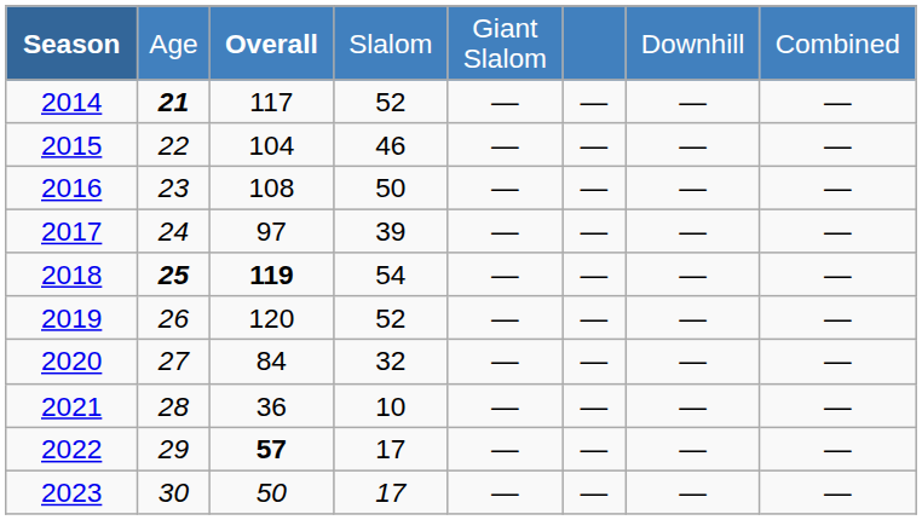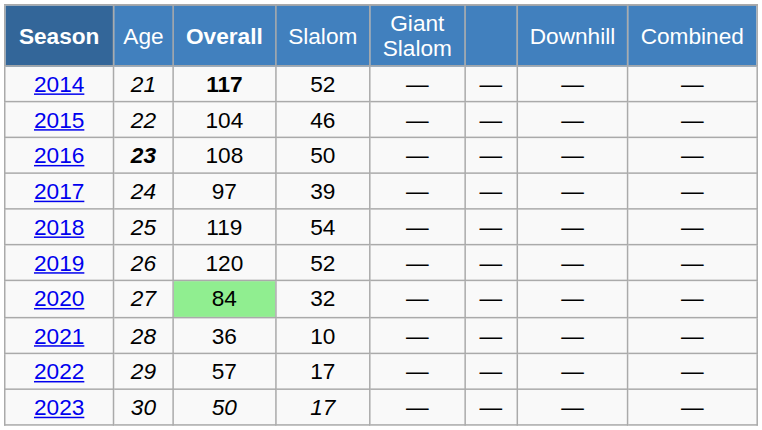 <table class="wikitable"  style="font-size:95%; text-align:center; border:gray solid 1px; width:40%;">
 <tr style="background:#369; color:white;">
 <td rowspan="2" style="width:6%;"><strong>Season</strong></td>
 </tr>
 <tr style="background:#4180be; color:white;">
 <td style="width:3%;">Age</td>
 <td style="width:5%;"><strong>Overall</strong></td>
 <td style="width:5%;">Slalom</td>
 <td style="width:5%;">Giant<br>Slalom</td>
 <td style="width:5%;"></td>
 <td style="width:5%;">Downhill</td>
 <td style="width:5%;">Combined</td>
 </tr>
 <tr>
 <td><a href='#'>2014</a></td>
-<td><strong><em>21</em></strong></td>
-<td>117</td>
+<td><em>21</em></td>
+<td><strong>117</strong></td>
 <td>52</td>
 <td>—</td>
 <td>—</td>
 <td>—</td>
 <td>—</td>
 </tr>
 <tr>
 <td><a href='#'>2015</a></td>
 <td><em>22</em></td>
 <td>104</td>
 <td>46</td>
 <td>—</td>
 <td>—</td>
 <td>—</td>
 <td>—</td>
 </tr>
 <tr>
 <td><a href='#'>2016</a></td>
-<td><em>23</em></td>
+<td><strong><em>23</em></strong></td>
 <td>108</td>
 <td>50</td>
 <td>—</td>
 <td>—</td>
 <td>—</td>
 <td>—</td>
 </tr>
 <tr>
 <td><a href='#'>2017</a></td>
 <td><em>24</em></td>
 <td>97</td>
 <td>39</td>
 <td>—</td>
 <td>—</td>
 <td>—</td>
 <td>—</td>
 </tr>
 <tr>
 <td><a href='#'>2018</a></td>
-<td><strong><em>25</em></strong></td>
-<td><strong>119</strong></td>
+<td><em>25</em></td>
+<td>119</td>
 <td>54</td>
 <td>—</td>
 <td>—</td>
 <td>—</td>
 <td>—</td>
 </tr>
 <tr>
 <td><a href='#'>2019</a></td>
 <td><em>26</em></td>
 <td>120</td>
 <td>52</td>
 <td>—</td>
 <td>—</td>
 <td>—</td>
 <td>—</td>
 </tr>
 <tr>
 <td><a href='#'>2020</a></td>
 <td><em>27</em></td>
-<td>84</td>
+<td style="background: lightgreen;">84</td>
 <td>32</td>
 <td>—</td>
 <td>—</td>
 <td>—</td>
 <td>—</td>
 </tr>
 <tr>
 <td><a href='#'>2021</a></td>
 <td><em>28</em></td>
 <td>36</td>
 <td>10</td>
 <td>—</td>
 <td>—</td>
 <td>—</td>
 <td>—</td>
 </tr>
 <tr>
 <td><a href='#'>2022</a></td>
 <td><em>29</em></td>
-<td><strong>57</strong></td>
+<td>57</td>
 <td>17</td>
 <td>—</td>
 <td>—</td>
 <td>—</td>
 <td>—</td>
 </tr>
 <tr>
 <td><a href='#'>2023</a></td>
 <td><em>30</em></td>
 <td><em>50</em></td>
 <td><em>17</em></td>
 <td>—</td>
 <td>—</td>
 <td>—</td>
 <td>—</td>
 </tr>
 </table>
